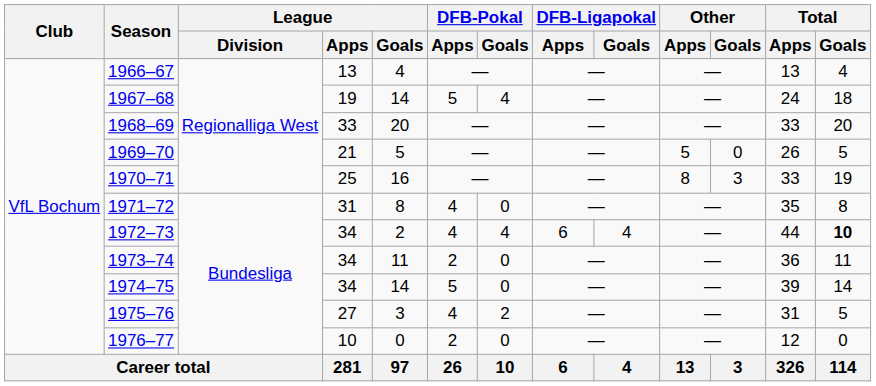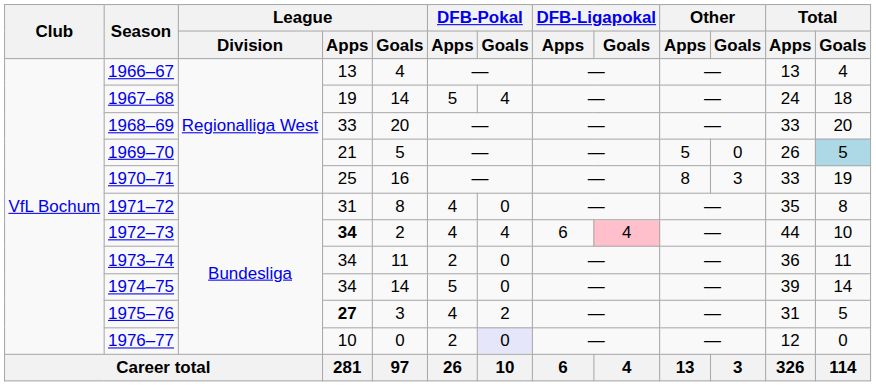 <table class="wikitable" style="text-align:center">
 <tr>
 <th rowspan="2">Club</th>
 <th rowspan="2">Season</th>
 <th colspan="3">League</th>
 <th colspan="2"><a href='#'>DFB-Pokal</a></th>
 <th colspan="2"><a href='#'>DFB-Ligapokal</a></th>
 <th colspan="2">Other</th>
 <th colspan="2">Total</th>
 </tr>
 <tr>
 <th>Division</th>
 <th>Apps</th>
 <th>Goals</th>
 <th>Apps</th>
 <th>Goals</th>
 <th>Apps</th>
 <th>Goals</th>
 <th>Apps</th>
 <th>Goals</th>
 <th>Apps</th>
 <th>Goals</th>
 </tr>
 <tr>
 <td rowspan="11"><a href='#'>VfL Bochum</a></td>
 <td><a href='#'>1966–67</a></td>
 <td rowspan="5"><a href='#'>Regionalliga West</a></td>
 <td>13</td>
 <td>4</td>
 <td colspan="2">—</td>
 <td colspan="2">—</td>
 <td colspan="2">—</td>
 <td>13</td>
 <td>4</td>
 </tr>
 <tr>
 <td><a href='#'>1967–68</a></td>
 <td>19</td>
 <td>14</td>
 <td>5</td>
 <td>4</td>
 <td colspan="2">—</td>
 <td colspan="2">—</td>
 <td>24</td>
 <td>18</td>
 </tr>
 <tr>
 <td><a href='#'>1968–69</a></td>
 <td>33</td>
 <td>20</td>
 <td colspan="2">—</td>
 <td colspan="2">—</td>
 <td colspan="2">—</td>
 <td>33</td>
 <td>20</td>
 </tr>
 <tr>
 <td><a href='#'>1969–70</a></td>
 <td>21</td>
 <td>5</td>
 <td colspan="2">—</td>
 <td colspan="2">—</td>
 <td>5</td>
 <td>0</td>
 <td>26</td>
-<td>5</td>
+<td style="background: lightblue;">5</td>
 </tr>
 <tr>
 <td><a href='#'>1970–71</a></td>
 <td>25</td>
 <td>16</td>
 <td colspan="2">—</td>
 <td colspan="2">—</td>
 <td>8</td>
 <td>3</td>
 <td>33</td>
 <td>19</td>
 </tr>
 <tr>
 <td><a href='#'>1971–72</a></td>
 <td rowspan="6"><a href='#'>Bundesliga</a></td>
 <td>31</td>
 <td>8</td>
 <td>4</td>
 <td>0</td>
 <td colspan="2">—</td>
 <td colspan="2">—</td>
 <td>35</td>
 <td>8</td>
 </tr>
 <tr>
 <td><a href='#'>1972–73</a></td>
-<td>34</td>
+<td><strong>34</strong></td>
 <td>2</td>
 <td>4</td>
 <td>4</td>
 <td>6</td>
-<td>4</td>
+<td style="background: pink;">4</td>
 <td colspan="2">—</td>
 <td>44</td>
-<td><strong>10</strong></td>
+<td>10</td>
 </tr>
 <tr>
 <td><a href='#'>1973–74</a></td>
 <td>34</td>
 <td>11</td>
 <td>2</td>
 <td>0</td>
 <td colspan="2">—</td>
 <td colspan="2">—</td>
 <td>36</td>
 <td>11</td>
 </tr>
 <tr>
 <td><a href='#'>1974–75</a></td>
 <td>34</td>
 <td>14</td>
 <td>5</td>
 <td>0</td>
 <td colspan="2">—</td>
 <td colspan="2">—</td>
 <td>39</td>
 <td>14</td>
 </tr>
 <tr>
 <td><a href='#'>1975–76</a></td>
-<td>27</td>
+<td><strong>27</strong></td>
 <td>3</td>
 <td>4</td>
 <td>2</td>
 <td colspan="2">—</td>
 <td colspan="2">—</td>
 <td>31</td>
 <td>5</td>
 </tr>
 <tr>
 <td><a href='#'>1976–77</a></td>
 <td>10</td>
 <td>0</td>
 <td>2</td>
-<td>0</td>
+<td style="background: lavender;">0</td>
 <td colspan="2">—</td>
 <td colspan="2">—</td>
 <td>12</td>
 <td>0</td>
 </tr>
 <tr>
 <th colspan="3">Career total</th>
 <th>281</th>
 <th>97</th>
 <th>26</th>
 <th>10</th>
 <th>6</th>
 <th>4</th>
 <th>13</th>
 <th>3</th>
 <th>326</th>
 <th>114</th>
 </tr>
 </table>
